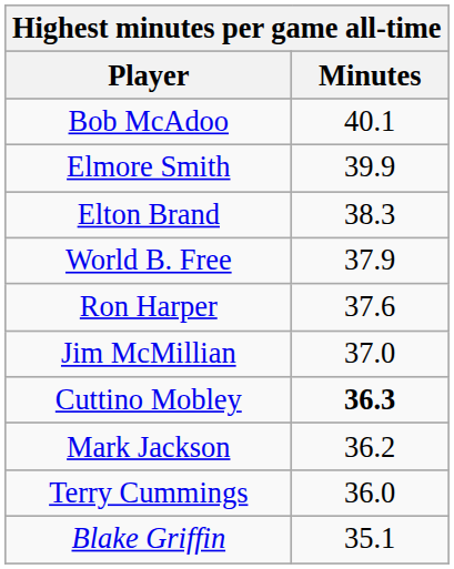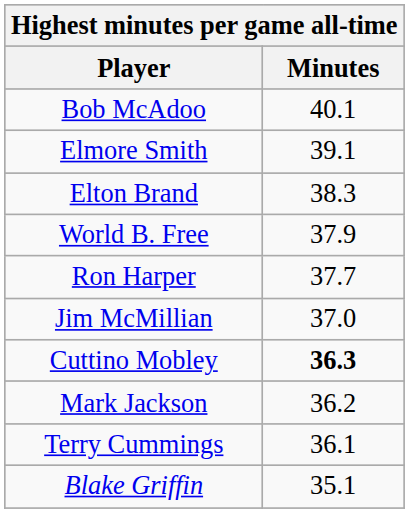 <table class="wikitable sortable" style="text-align:center">
 <tr>
 <th colspan="2">Highest minutes per game all-time</th>
 </tr>
 <tr>
 <th>Player</th>
 <th>Minutes</th>
 </tr>
 <tr>
 <td><a href='#'>Bob McAdoo</a></td>
 <td>40.1</td>
 </tr>
 <tr>
 <td><a href='#'>Elmore Smith</a></td>
-<td>39.9</td>
+<td>39.1</td>
 </tr>
 <tr>
 <td><a href='#'>Elton Brand</a></td>
 <td>38.3</td>
 </tr>
 <tr>
 <td><a href='#'>World B. Free</a></td>
 <td>37.9</td>
 </tr>
 <tr>
 <td><a href='#'>Ron Harper</a></td>
-<td>37.6</td>
+<td>37.7</td>
 </tr>
 <tr>
 <td><a href='#'>Jim McMillian</a></td>
 <td>37.0</td>
 </tr>
 <tr>
 <td><a href='#'>Cuttino Mobley</a></td>
 <td><strong>36.3</strong></td>
 </tr>
 <tr>
 <td><a href='#'>Mark Jackson</a></td>
 <td>36.2</td>
 </tr>
 <tr>
 <td><a href='#'>Terry Cummings</a></td>
-<td>36.0</td>
+<td>36.1</td>
 </tr>
 <tr>
 <td><em><a href='#'>Blake Griffin</a></em></td>
 <td>35.1</td>
 </tr>
 </table>
